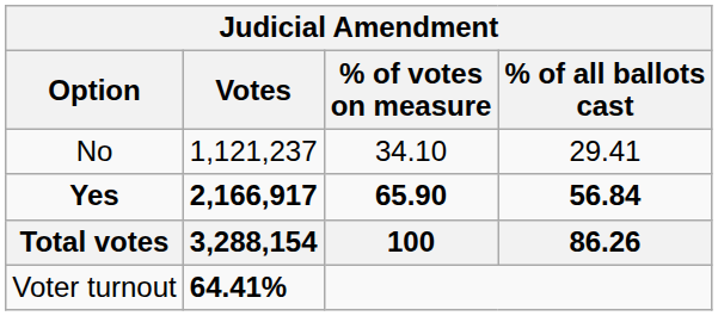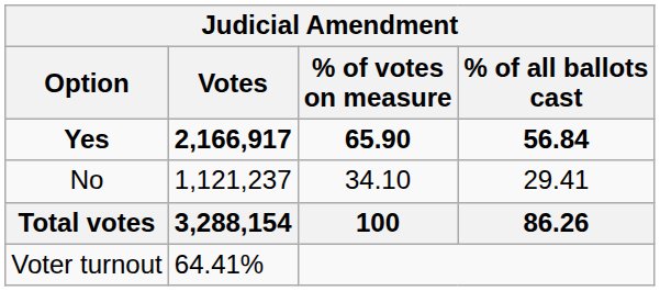 <table class="wikitable">
 <tr>
 <th colspan=4 text align=center>Judicial Amendment</th>
 </tr>
 <tr>
 <th>Option</th>
 <th>Votes</th>
 <th>% of votes<br>on measure</th>
 <th>% of all ballots<br>cast</th>
 </tr>
 <tr>
+<td text align=center><strong>Yes</strong></td>
+<td text align=center><strong>2,166,917</strong></td>
+<td text align=center><strong>65.90</strong></td>
+<td text align=center><strong>56.84</strong></td>
+</tr>
+<tr>
 <td text align=center>No</td>
 <td text align=center>1,121,237</td>
 <td text align=center>34.10</td>
 <td text align=center>29.41</td>
-</tr>
-<tr>
-<td text align=center><strong>Yes</strong></td>
-<td text align=center><strong>2,166,917</strong></td>
-<td text align=center><strong>65.90</strong></td>
-<td text align=center><strong>56.84</strong></td>
 </tr>
 <tr>
 <th text align=center>Total votes</th>
 <th text align=center><strong>3,288,154</strong></th>
 <th text align=center><strong>100</strong></th>
 <th text align=center><strong>86.26</strong></th>
 </tr>
 <tr>
 <td>Voter turnout</td>
-<td><strong>64.41%</strong></td>
+<td>64.41%</td>
 </tr>
 </table>
